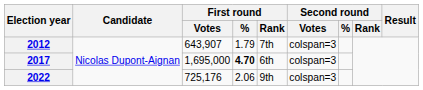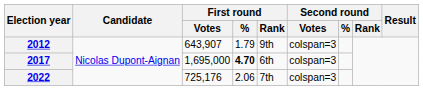 <table class="wikitable">
 <tr>
 <th rowspan="2">Election year</th>
 <th rowspan="2">Candidate</th>
 <th colspan="3">First round</th>
 <th colspan="3">Second round</th>
 <th rowspan="2">Result</th>
 </tr>
 <tr>
 <th>Votes</th>
 <th>%</th>
 <th>Rank</th>
 <th>Votes</th>
 <th>%</th>
 <th>Rank</th>
 </tr>
 <tr>
 <th><a href='#'>2012</a></th>
 <td rowspan=3><a href='#'>Nicolas Dupont-Aignan</a></td>
 <td>643,907</td>
 <td>1.79</td>
-<td> 7th</td>
+<td> 9th</td>
 <td>colspan=3 </td>
 <td></td>
 </tr>
 <tr>
 <th><a href='#'>2017</a></th>
 <td>1,695,000</td>
 <td><strong>4.70</strong></td>
 <td> 6th</td>
 <td>colspan=3 </td>
 <td></td>
 </tr>
 <tr>
 <th><a href='#'>2022</a></th>
 <td>725,176</td>
 <td>2.06</td>
-<td> 9th</td>
+<td> 7th</td>
 <td>colspan=3 </td>
 <td></td>
 </tr>
 </table>
